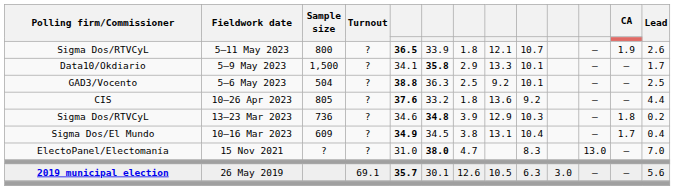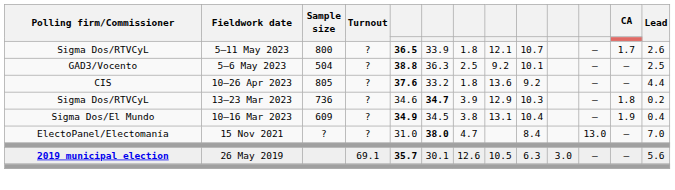 <table class="wikitable collapsible collapsed" style="text-align:center; font-size:95%; line-height:16px;">
 <tr style="height:42px;">
 <th style="width:250px;" rowspan="2">Polling firm/Commissioner</th>
 <th style="width:125px;" rowspan="2">Fieldwork date</th>
 <th style="width:50px;" rowspan="2">Sample size</th>
 <th style="width:45px;" rowspan="2">Turnout</th>
 <th style="width:35px;"></th>
 <th style="width:35px;"></th>
 <th style="width:35px;"></th>
 <th style="width:35px;"></th>
 <th style="width:35px;"></th>
 <th style="width:35px;"></th>
 <th style="width:35px;"></th>
 <th style="width:35px;">CA</th>
 <th style="width:30px;" rowspan="2">Lead</th>
 </tr>
 <tr>
 <th style="color:inherit;background:"></th>
 <th style="color:inherit;background:"></th>
 <th style="color:inherit;background:"></th>
 <th style="color:inherit;background:"></th>
 <th style="color:inherit;background:"></th>
 <th style="color:inherit;background:"></th>
 <th style="color:inherit;background:"></th>
 <th style="color:inherit;background:#E16A65;"></th>
 </tr>
 <tr>
 <td>Sigma Dos/RTVCyL</td>
 <td>5–11 May 2023</td>
 <td>800</td>
 <td>?</td>
 <td><strong>36.5</strong><br></td>
 <td>33.9<br></td>
 <td>1.8<br></td>
 <td>12.1<br></td>
 <td>10.7<br></td>
 <td></td>
 <td>–</td>
-<td>1.9<br></td>
+<td>1.7<br></td>
 <td style="background:">2.6</td>
-</tr>
-<tr>
-<td>Data10/Okdiario</td>
-<td>5–9 May 2023</td>
-<td>1,500</td>
-<td>?</td>
-<td>34.1<br></td>
-<td><strong>35.8</strong><br></td>
-<td>2.9<br></td>
-<td>13.3<br></td>
-<td>10.1<br></td>
-<td></td>
-<td>–</td>
-<td>–</td>
-<td style="background:">1.7</td>
 </tr>
 <tr>
 <td>GAD3/Vocento</td>
 <td>5–6 May 2023</td>
 <td>504</td>
 <td>?</td>
 <td><strong>38.8</strong><br></td>
 <td>36.3<br></td>
 <td>2.5<br></td>
 <td>9.2<br></td>
 <td>10.1<br></td>
 <td></td>
 <td>–</td>
 <td>–</td>
 <td style="background:">2.5</td>
 </tr>
 <tr>
 <td>CIS</td>
 <td>10–26 Apr 2023</td>
 <td>805</td>
 <td>?</td>
 <td><strong>37.6</strong><br></td>
 <td>33.2<br></td>
 <td>1.8<br></td>
 <td>13.6<br></td>
 <td>9.2<br></td>
 <td></td>
 <td>–</td>
 <td>–</td>
 <td style="background:">4.4</td>
 </tr>
 <tr>
 <td>Sigma Dos/RTVCyL</td>
 <td>13–23 Mar 2023</td>
 <td>736</td>
 <td>?</td>
 <td>34.6<br></td>
-<td><strong>34.8</strong><br></td>
+<td><strong>34.7</strong><br></td>
 <td>3.9<br></td>
 <td>12.9<br></td>
 <td>10.3<br></td>
 <td></td>
 <td>–</td>
 <td>1.8<br></td>
 <td style="background:">0.2</td>
 </tr>
 <tr>
 <td>Sigma Dos/El Mundo</td>
 <td>10–16 Mar 2023</td>
 <td>609</td>
 <td>?</td>
 <td><strong>34.9</strong><br></td>
 <td>34.5<br></td>
 <td>3.8<br></td>
 <td>13.1<br></td>
 <td>10.4<br></td>
 <td></td>
 <td>–</td>
-<td>1.7<br></td>
+<td>1.9<br></td>
 <td style="background:">0.4</td>
 </tr>
 <tr>
 <td>ElectoPanel/Electomanía</td>
 <td>15 Nov 2021</td>
 <td>?</td>
 <td>?</td>
 <td>31.0<br></td>
 <td><strong>38.0</strong><br></td>
 <td>4.7<br></td>
 <td></td>
-<td>8.3<br></td>
+<td>8.4<br></td>
 <td></td>
 <td>13.0<br></td>
 <td>–</td>
 <td style="background:">7.0</td>
 </tr>
 <tr>
 <td colspan="13" style="background:#A0A0A0"></td>
 </tr>
 <tr style="background:#EFEFEF;">
 <td><strong><a href='#'>2019 municipal election</a></strong></td>
 <td>26 May 2019</td>
 <td></td>
 <td>69.1</td>
 <td><strong>35.7</strong><br></td>
 <td>30.1<br></td>
 <td>12.6<br></td>
 <td>10.5<br></td>
 <td>6.3<br></td>
 <td>3.0<br></td>
 <td>–</td>
 <td>–</td>
 <td style="background:">5.6</td>
 </tr>
 <tr>
 <td colspan="13" style="background:#A0A0A0"></td>
 </tr>
 </table>
